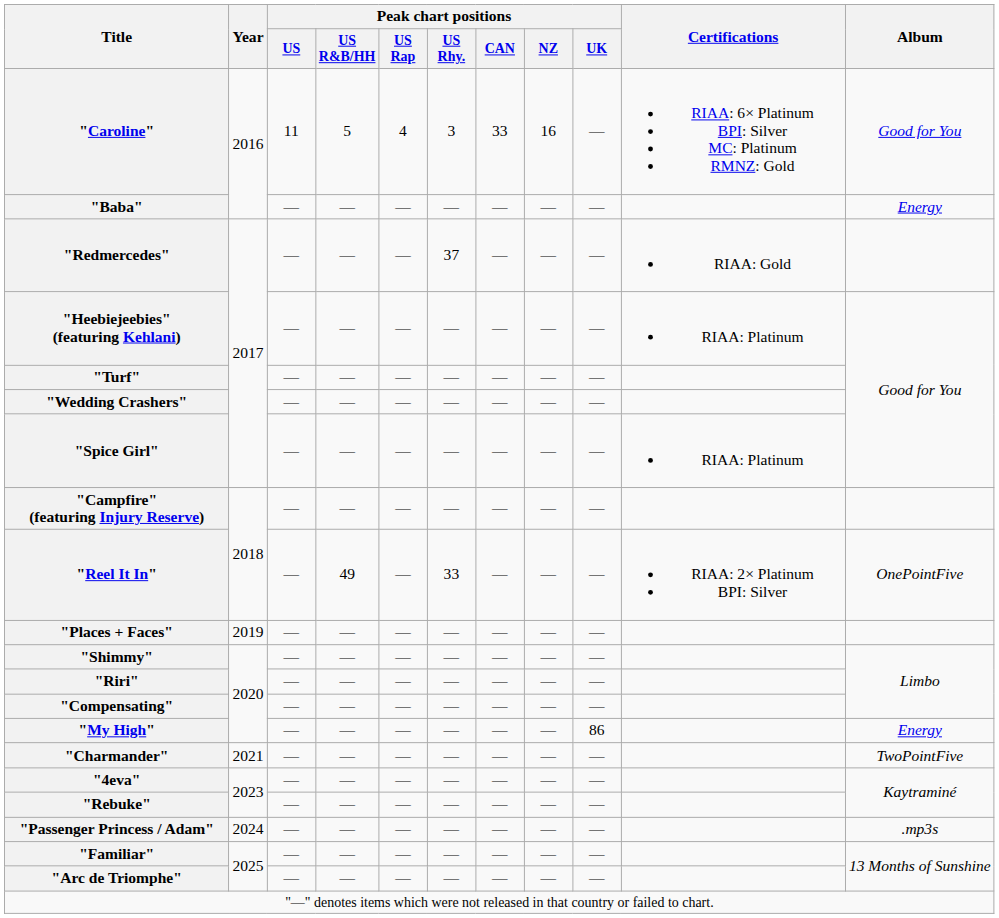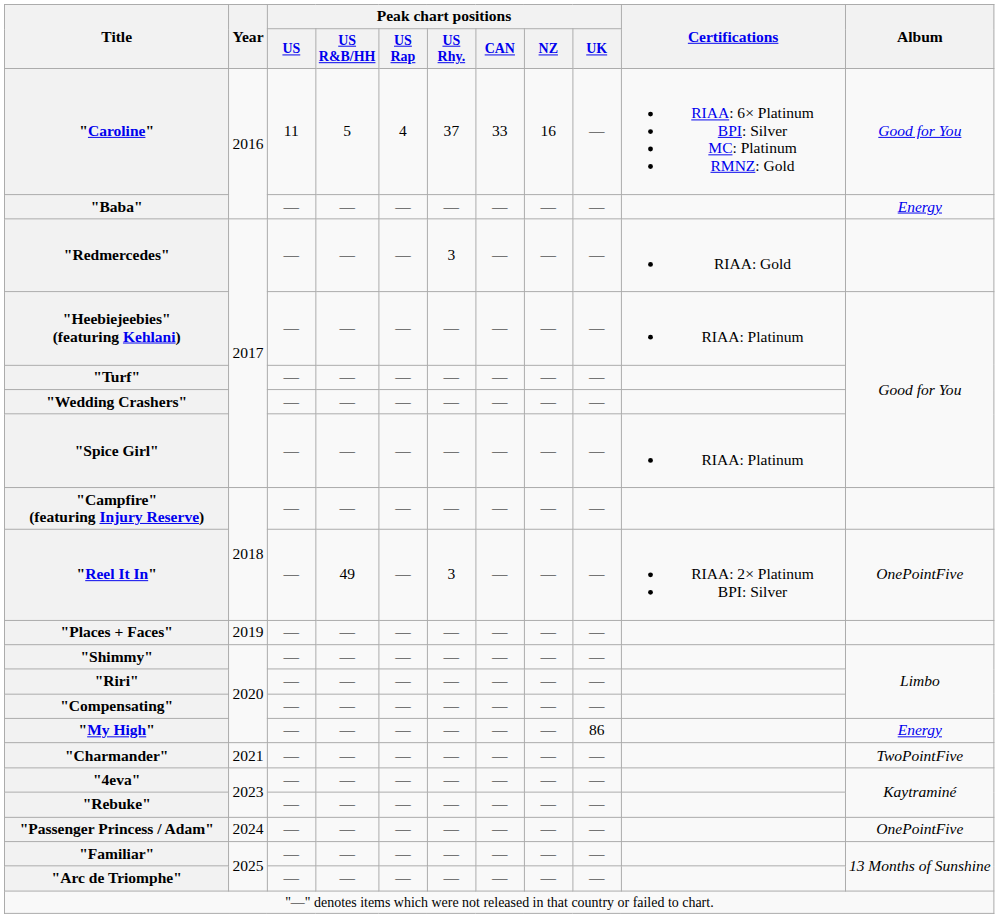 <table class="wikitable plainrowheaders" style="text-align:center;">
 <tr>
 <th scope="col" rowspan="2" style="width:14em;">Title</th>
 <th scope="col" rowspan="2">Year</th>
 <th scope="col" colspan="7">Peak chart positions</th>
 <th scope="col" rowspan="2" style="width:14em;"><a href='#'>Certifications</a></th>
 <th scope="col" rowspan="2">Album</th>
 </tr>
 <tr>
 <th scope="col" style="width:3em;font-size:90%;"><a href='#'>US</a><br></th>
 <th scope="col" style="width:3em;font-size:90%;"><a href='#'>US<br>R&B/HH</a><br></th>
 <th scope="col" style="width:3em;font-size:90%;"><a href='#'>US Rap</a><br></th>
 <th scope="col" style="width:3em;font-size:90%;"><a href='#'>US<br>Rhy.</a><br></th>
 <th scope="col" style="width:3em;font-size:90%;"><a href='#'>CAN</a><br></th>
 <th scope="col" style="width:3em;font-size:90%;"><a href='#'>NZ</a><br></th>
 <th scope="col" style="width:3em;font-size:90%;"><a href='#'>UK</a><br></th>
 </tr>
 <tr>
 <th scope="row">"<a href='#'>Caroline</a>"</th>
 <td rowspan="2">2016</td>
 <td>11</td>
 <td>5</td>
 <td>4</td>
-<td>3</td>
+<td>37</td>
 <td>33</td>
 <td>16</td>
 <td>—</td>
 <td><br><ul><li><a href='#'>RIAA</a>: 6× Platinum</li><li><a href='#'>BPI</a>: Silver</li><li><a href='#'>MC</a>: Platinum</li><li><a href='#'>RMNZ</a>: Gold</li></ul></td>
 <td><em><a href='#'>Good for You</a></em></td>
 </tr>
 <tr>
 <th scope="row">"Baba"</th>
 <td>—</td>
 <td>—</td>
 <td>—</td>
 <td>—</td>
 <td>—</td>
 <td>—</td>
 <td>—</td>
 <td></td>
 <td><em><a href='#'>Energy</a></em></td>
 </tr>
 <tr>
 <th scope="row">"Redmercedes"</th>
 <td rowspan="5">2017</td>
 <td>—</td>
 <td>—</td>
 <td>—</td>
-<td>37</td>
+<td>3</td>
 <td>—</td>
 <td>—</td>
 <td>—</td>
 <td><br><ul><li>RIAA: Gold</li></ul></td>
 </tr>
 <tr>
 <th scope="row">"Heebiejeebies"<br><span>(featuring <a href='#'>Kehlani</a>)</span></th>
 <td>—</td>
 <td>—</td>
 <td>—</td>
 <td>—</td>
 <td>—</td>
 <td>—</td>
 <td>—</td>
 <td><br><ul><li>RIAA: Platinum</li></ul></td>
 <td rowspan="4"><em>Good for You</em></td>
 </tr>
 <tr>
 <th scope="row">"Turf"</th>
 <td>—</td>
 <td>—</td>
 <td>—</td>
 <td>—</td>
 <td>—</td>
 <td>—</td>
 <td>—</td>
 <td></td>
 </tr>
 <tr>
 <th scope="row">"Wedding Crashers"<br></th>
 <td>—</td>
 <td>—</td>
 <td>—</td>
 <td>—</td>
 <td>—</td>
 <td>—</td>
 <td>—</td>
 <td></td>
 </tr>
 <tr>
 <th scope="row">"Spice Girl"</th>
 <td>—</td>
 <td>—</td>
 <td>—</td>
 <td>—</td>
 <td>—</td>
 <td>—</td>
 <td>—</td>
 <td><br><ul><li>RIAA: Platinum</li></ul></td>
 </tr>
 <tr>
 <th scope="row">"Campfire"<br><span>(featuring <a href='#'>Injury Reserve</a>)</span></th>
 <td rowspan="2">2018</td>
 <td>—</td>
 <td>—</td>
 <td>—</td>
 <td>—</td>
 <td>—</td>
 <td>—</td>
 <td>—</td>
 <td></td>
 <td></td>
 </tr>
 <tr>
 <th scope="row">"<a href='#'>Reel It In</a>"</th>
 <td>—</td>
 <td>49</td>
 <td>—</td>
-<td>33</td>
+<td>3</td>
 <td>—</td>
 <td>—</td>
 <td>—</td>
 <td><br><ul><li>RIAA: 2× Platinum</li><li>BPI: Silver</li></ul></td>
 <td><em>OnePointFive</em></td>
 </tr>
 <tr>
 <th scope="row">"Places + Faces"</th>
 <td>2019</td>
 <td>—</td>
 <td>—</td>
 <td>—</td>
 <td>—</td>
 <td>—</td>
 <td>—</td>
 <td>—</td>
 <td></td>
 <td></td>
 </tr>
 <tr>
 <th scope="row">"Shimmy"</th>
 <td rowspan="4">2020</td>
 <td>—</td>
 <td>—</td>
 <td>—</td>
 <td>—</td>
 <td>—</td>
 <td>—</td>
 <td>—</td>
 <td></td>
 <td rowspan="3"><em>Limbo</em></td>
 </tr>
 <tr>
 <th scope="row">"Riri"</th>
 <td>—</td>
 <td>—</td>
 <td>—</td>
 <td>—</td>
 <td>—</td>
 <td>—</td>
 <td>—</td>
 <td></td>
 </tr>
 <tr>
 <th scope="row">"Compensating"<br></th>
 <td>—</td>
 <td>—</td>
 <td>—</td>
 <td>—</td>
 <td>—</td>
 <td>—</td>
 <td>—</td>
 <td></td>
 </tr>
 <tr>
 <th scope="row">"<a href='#'>My High</a>"<br></th>
 <td>—</td>
 <td>—</td>
 <td>—</td>
 <td>—</td>
 <td>—</td>
 <td>—</td>
 <td>86</td>
 <td></td>
 <td><em><a href='#'>Energy</a></em></td>
 </tr>
 <tr>
 <th scope="row">"Charmander"</th>
 <td>2021</td>
 <td>—</td>
 <td>—</td>
 <td>—</td>
 <td>—</td>
 <td>—</td>
 <td>—</td>
 <td>—</td>
 <td></td>
 <td><em>TwoPointFive</em></td>
 </tr>
 <tr>
 <th scope="row">"4eva"<br></th>
 <td rowspan="2">2023</td>
 <td>—</td>
 <td>—</td>
 <td>—</td>
 <td>—</td>
 <td>—</td>
 <td>—</td>
 <td>—</td>
 <td></td>
 <td rowspan="2"><em>Kaytraminé</em></td>
 </tr>
 <tr>
 <th scope="row">"Rebuke"<br></th>
 <td>—</td>
 <td>—</td>
 <td>—</td>
 <td>—</td>
 <td>—</td>
 <td>—</td>
 <td>—</td>
 <td></td>
 </tr>
 <tr>
 <th scope="row">"Passenger Princess / Adam"</th>
 <td>2024</td>
 <td>—</td>
 <td>—</td>
 <td>—</td>
 <td>—</td>
 <td>—</td>
 <td>—</td>
 <td>—</td>
 <td></td>
-<td><em>.mp3s</em></td>
+<td><em>OnePointFive</em></td>
 </tr>
 <tr>
 <th scope="row">"Familiar"</th>
 <td rowspan="2">2025</td>
 <td>—</td>
 <td>—</td>
 <td>—</td>
 <td>—</td>
 <td>—</td>
 <td>—</td>
 <td>—</td>
 <td></td>
 <td rowspan="2"><em>13 Months of Sunshine</em></td>
 </tr>
 <tr>
 <th scope="row">"Arc de Triomphe"</th>
 <td>—</td>
 <td>—</td>
 <td>—</td>
 <td>—</td>
 <td>—</td>
 <td>—</td>
 <td>—</td>
 <td></td>
 </tr>
 <tr>
 <td colspan="14" style="font-size:90%;">"—" denotes items which were not released in that country or failed to chart.</td>
 </tr>
 </table>
